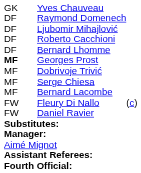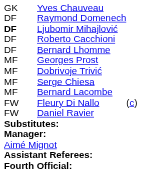 <table style=font-size:90% cellspacing=0 cellpadding=0>
 <tr>
 <td colspan=4></td>
 </tr>
 <tr>
 <th width=25></th>
 <th width=25></th>
 </tr>
 <tr>
 <td>GK</td>
 <td><strong> </strong></td>
 <td> <a href='#'>Yves Chauveau</a></td>
 </tr>
 <tr>
 <td>DF</td>
 <td><strong> </strong></td>
 <td> <a href='#'>Raymond Domenech</a></td>
 </tr>
 <tr>
-<td>DF</td>
+<td><strong>DF</strong></td>
 <td><strong> </strong></td>
 <td> <a href='#'>Ljubomir Mihajlović</a></td>
 </tr>
 <tr>
 <td>DF</td>
 <td><strong> </strong></td>
 <td> <a href='#'>Roberto Cacchioni</a></td>
 </tr>
 <tr>
 <td>DF</td>
 <td><strong> </strong></td>
 <td> <a href='#'>Bernard Lhomme</a></td>
 </tr>
 <tr>
-<td><strong>MF</strong></td>
+<td>MF</td>
 <td><strong> </strong></td>
 <td> <a href='#'>Georges Prost</a></td>
 </tr>
 <tr>
 <td>MF</td>
 <td><strong> </strong></td>
 <td> <a href='#'>Dobrivoje Trivić</a></td>
 </tr>
 <tr>
 <td>MF</td>
 <td><strong> </strong></td>
 <td> <a href='#'>Serge Chiesa</a></td>
 </tr>
 <tr>
 <td>MF</td>
 <td><strong> </strong></td>
 <td> <a href='#'>Bernard Lacombe</a></td>
 </tr>
 <tr>
 <td>FW</td>
 <td><strong> </strong></td>
 <td> <a href='#'>Fleury Di Nallo</a></td>
 <td>(<a href='#'>c</a>)</td>
 </tr>
 <tr>
 <td>FW</td>
 <td><strong> </strong></td>
 <td> <a href='#'>Daniel Ravier</a></td>
 </tr>
 <tr>
 <td colspan=3><strong>Substitutes:</strong></td>
 </tr>
 <tr>
 <td colspan=3><strong>Manager:</strong></td>
 </tr>
 <tr>
 <td colspan=4> <a href='#'>Aimé Mignot</a><br><strong>Assistant Referees:</strong><br> <strong>Fourth Official:</strong><br></td>
 </tr>
 </table>
